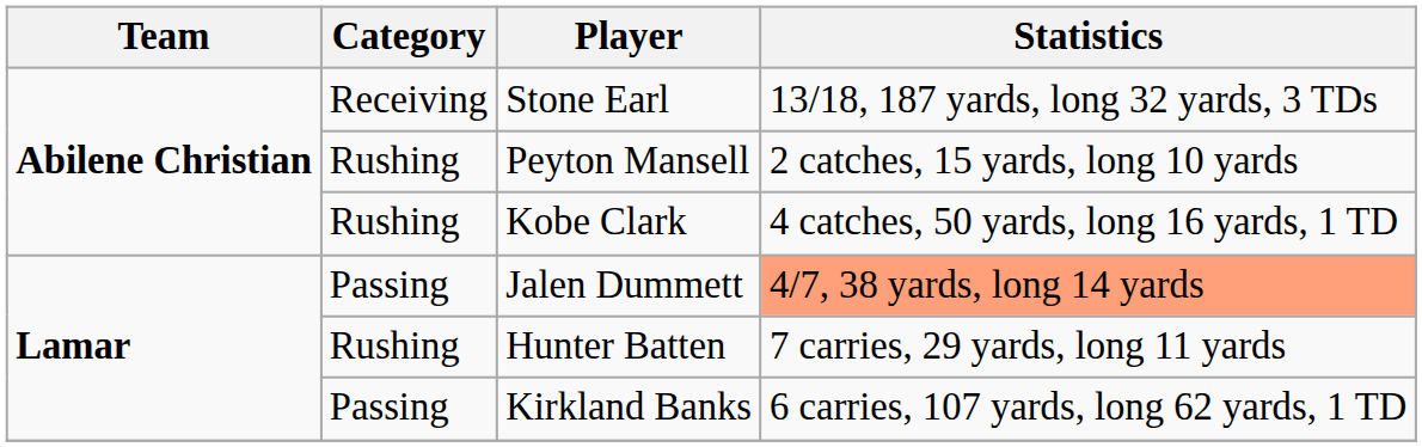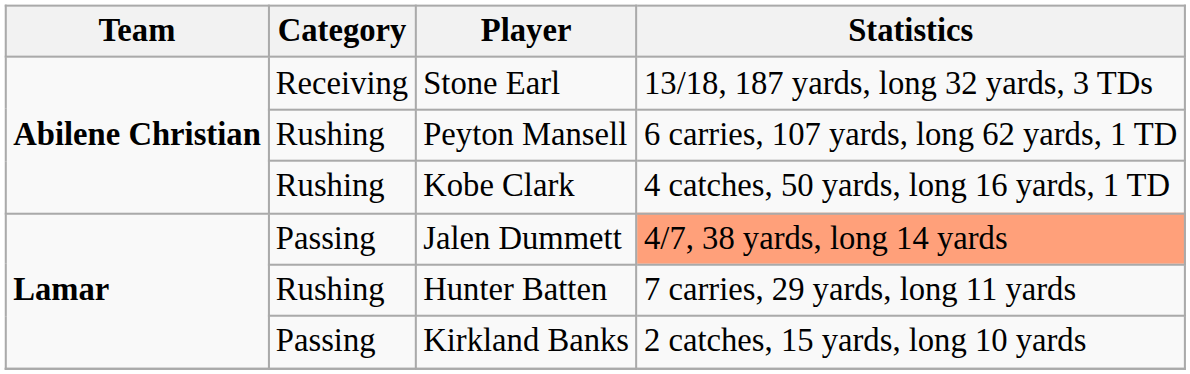 <table class="wikitable" style="float: right;">
 <tr>
 <th>Team</th>
 <th>Category</th>
 <th>Player</th>
 <th>Statistics</th>
 </tr>
 <tr>
 <td rowspan=3><strong>Abilene Christian</strong></td>
 <td>Receiving</td>
 <td>Stone Earl</td>
 <td>13/18, 187 yards, long 32 yards, 3 TDs</td>
 </tr>
 <tr>
 <td>Rushing</td>
 <td>Peyton Mansell</td>
-<td>2 catches, 15 yards, long 10 yards</td>
+<td>6 carries, 107 yards, long 62 yards, 1 TD</td>
 </tr>
 <tr>
 <td>Rushing</td>
 <td>Kobe Clark</td>
 <td>4 catches, 50 yards, long 16 yards, 1 TD</td>
 </tr>
 <tr>
 <td rowspan=3><strong>Lamar</strong></td>
 <td>Passing</td>
 <td>Jalen Dummett</td>
 <td style="background: lightsalmon;">4/7, 38 yards, long 14 yards</td>
 </tr>
 <tr>
 <td>Rushing</td>
 <td>Hunter Batten</td>
 <td>7 carries, 29 yards, long 11 yards</td>
 </tr>
 <tr>
 <td>Passing</td>
 <td>Kirkland Banks</td>
-<td>6 carries, 107 yards, long 62 yards, 1 TD</td>
+<td>2 catches, 15 yards, long 10 yards</td>
 </tr>
 <tr>
 </tr>
 </table>
